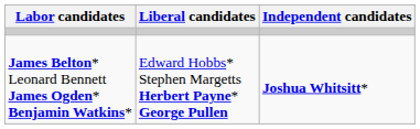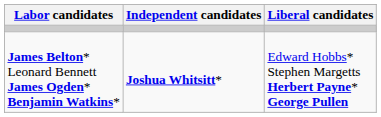 <table class="wikitable">
 <tr>
 <th><a href='#'>Labor</a> candidates</th>
+<th><a href='#'>Independent</a> candidates</th>
 <th><a href='#'>Liberal</a> candidates</th>
-<th><a href='#'>Independent</a> candidates</th>
 </tr>
 <tr bgcolor="#cccccc">
 <td></td>
 <td></td>
 <td></td>
 </tr>
 <tr>
 <td><br><strong><a href='#'>James Belton</a></strong>*<br> Leonard Bennett<br> <strong><a href='#'>James Ogden</a></strong>*<br> <strong><a href='#'>Benjamin Watkins</a></strong>*</td>
+<td><br><strong><a href='#'>Joshua Whitsitt</a></strong>*</td>
 <td><br><a href='#'>Edward Hobbs</a>*<br> Stephen Margetts<br> <strong><a href='#'>Herbert Payne</a></strong>*<br> <strong><a href='#'>George Pullen</a></strong></td>
-<td><br><strong><a href='#'>Joshua Whitsitt</a></strong>*</td>
 </tr>
 </table>
